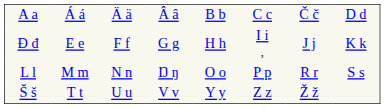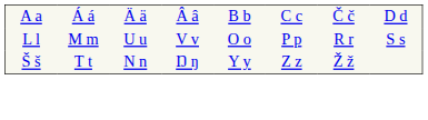 <table style="font-family:Arial Unicode MS; font-size:1.4em; border-color:#000000; border-width:1px; border-style:solid; border-collapse:collapse; background-color:#F8F8EF">
 <tr>
 <td style="width:3em; text-align:center; padding: 3px;"><a href='#'>A a</a><br><small></small></td>
 <td style="width:3em; text-align:center; padding: 3px;"><a href='#'>Á á</a><br><small></small></td>
 <td style="width:3em; text-align:center; padding: 3px;"><a href='#'>Ä ä</a><br><small></small></td>
 <td style="width:3em; text-align:center; padding: 3px;"><a href='#'>Â â</a><br><small></small></td>
 <td style="width:3em; text-align:center; padding: 3px;"><a href='#'>B b</a><br><small></small></td>
 <td style="width:3em; text-align:center; padding: 3px;"><a href='#'>C c</a><br><small></small></td>
 <td style="width:3em; text-align:center; padding: 3px;"><a href='#'>Č č</a><br><small></small></td>
 <td style="width:3em; text-align:center; padding: 3px;"><a href='#'>D d</a><br><small></small></td>
 </tr>
 <tr>
-<td style="width:3em; text-align:center; padding: 3px;"><a href='#'>Đ đ</a><br><small></small></td>
-<td style="width:3em; text-align:center; padding: 3px;"><a href='#'>E e</a><br><small></small></td>
-<td style="width:3em; text-align:center; padding: 3px;"><a href='#'>F f</a><br><small></small></td>
-<td style="width:3em; text-align:center; padding: 3px;"><a href='#'>G g</a><br><small></small></td>
-<td style="width:3em; text-align:center; padding: 3px;"><a href='#'>H h</a><br><small></small></td>
-<td style="width:3em; text-align:center; padding: 3px;"><a href='#'>I i</a><br><small>, </small></td>
-<td style="width:3em; text-align:center; padding: 3px;"><a href='#'>J j</a><br><small></small></td>
-<td style="width:3em; text-align:center; padding: 3px;"><a href='#'>K k</a><br><small></small></td>
-</tr>
-<tr>
 <td style="width:3em; text-align:center; padding: 3px;"><a href='#'>L l</a><br><small></small></td>
 <td style="width:3em; text-align:center; padding: 3px;"><a href='#'>M m</a><br><small></small></td>
-<td style="width:3em; text-align:center; padding: 3px;"><a href='#'>N n</a><br><small></small></td>
-<td style="width:3em; text-align:center; padding: 3px;"><a href='#'>Ŋ ŋ</a><br><small></small></td>
+<td style="width:3em; text-align:center; padding: 3px;"><a href='#'>U u</a><br><small></small></td>
+<td style="width:3em; text-align:center; padding: 3px;"><a href='#'>V v</a><br><small></small></td>
 <td style="width:3em; text-align:center; padding: 3px;"><a href='#'>O o</a><br><small></small></td>
 <td style="width:3em; text-align:center; padding: 3px;"><a href='#'>P p</a><br><small></small></td>
 <td style="width:3em; text-align:center; padding: 3px;"><a href='#'>R r</a><br><small></small></td>
 <td style="width:3em; text-align:center; padding: 3px;"><a href='#'>S s</a><br><small></small></td>
 </tr>
 <tr>
 <td style="width:3em; text-align:center; padding: 3px;"><a href='#'>Š š</a><br><small></small></td>
 <td style="width:3em; text-align:center; padding: 3px;"><a href='#'>T t</a><br><small></small></td>
-<td style="width:3em; text-align:center; padding: 3px;"><a href='#'>U u</a><br><small></small></td>
-<td style="width:3em; text-align:center; padding: 3px;"><a href='#'>V v</a><br><small></small></td>
+<td style="width:3em; text-align:center; padding: 3px;"><a href='#'>N n</a><br><small></small></td>
+<td style="width:3em; text-align:center; padding: 3px;"><a href='#'>Ŋ ŋ</a><br><small></small></td>
 <td style="width:3em; text-align:center; padding: 3px;"><a href='#'>Y y</a><br><small></small></td>
 <td style="width:3em; text-align:center; padding: 3px;"><a href='#'>Z z</a><br><small></small></td>
 <td style="width:3em; text-align:center; padding: 3px;"><a href='#'>Ž ž</a><br><small></small></td>
 <td></td>
 </tr>
 </table>
